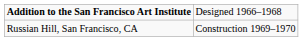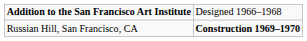 <table class="wikitable" style="text-align:left">
 <tr>
 <td><strong>Addition to the San Francisco Art Institute</strong></td>
 <td>Designed 1966–1968</td>
 </tr>
 <tr>
 <td>Russian Hill, San Francisco, CA</td>
-<td>Construction 1969–1970</td>
+<td><strong>Construction 1969–1970</strong></td>
 </tr>
 </table>
